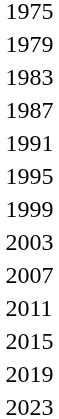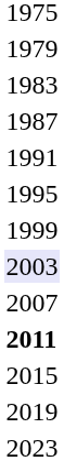 <table>
 <tr>
 <td>1975</td>
 <td></td>
 <td></td>
 <td></td>
 </tr>
 <tr>
 <td>1979</td>
 <td></td>
 <td></td>
 <td></td>
 </tr>
 <tr>
 <td>1983</td>
 <td></td>
 <td></td>
 <td></td>
 </tr>
 <tr>
 <td>1987</td>
 <td></td>
 <td></td>
 <td></td>
 </tr>
 <tr>
 <td>1991</td>
 <td></td>
 <td></td>
 <td></td>
 </tr>
 <tr>
 <td>1995</td>
 <td></td>
 <td></td>
 <td></td>
 </tr>
 <tr>
 <td>1999</td>
 <td></td>
 <td></td>
 <td></td>
 </tr>
 <tr>
-<td>2003</td>
+<td style="background: lavender;">2003</td>
 <td></td>
 <td></td>
 <td></td>
 </tr>
 <tr>
 <td>2007</td>
 <td></td>
 <td></td>
 <td></td>
 </tr>
 <tr>
-<td>2011<br></td>
+<td><strong>2011<br></strong></td>
 <td></td>
 <td></td>
 <td></td>
 </tr>
 <tr>
 <td>2015<br></td>
 <td></td>
 <td></td>
 <td></td>
 </tr>
 <tr>
 <td>2019<br></td>
 <td></td>
 <td></td>
 <td></td>
 </tr>
 <tr>
 <td>2023<br></td>
 <td></td>
 <td></td>
 <td></td>
 </tr>
 </table>
